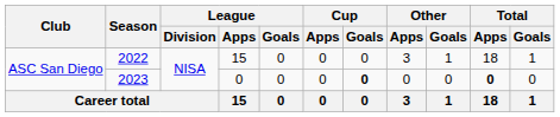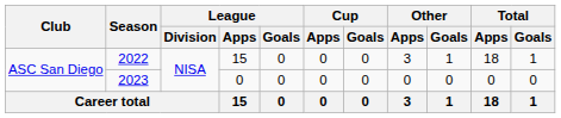 <table class=wikitable style=text-align:center>
 <tr>
 <th rowspan="2">Club</th>
 <th rowspan="2">Season</th>
 <th colspan="3">League</th>
 <th colspan="2">Cup</th>
 <th colspan="2">Other</th>
 <th colspan="2">Total</th>
 </tr>
 <tr>
 <th>Division</th>
 <th>Apps</th>
 <th>Goals</th>
 <th>Apps</th>
 <th>Goals</th>
 <th>Apps</th>
 <th>Goals</th>
 <th>Apps</th>
 <th>Goals</th>
 </tr>
 <tr>
 <td rowspan="2"><a href='#'>ASC San Diego</a></td>
 <td><a href='#'>2022</a></td>
 <td rowspan="2"><a href='#'>NISA</a></td>
 <td>15</td>
 <td>0</td>
 <td>0</td>
 <td>0</td>
 <td>3</td>
 <td>1</td>
 <td>18</td>
 <td>1</td>
 </tr>
 <tr>
 <td><a href='#'>2023</a></td>
 <td>0</td>
 <td>0</td>
 <td>0</td>
-<td><strong>0</strong></td>
 <td>0</td>
 <td>0</td>
-<td><strong>0</strong></td>
+<td>0</td>
+<td>0</td>
 <td>0</td>
 </tr>
 <tr>
 <th colspan="3">Career total</th>
 <th>15</th>
 <th>0</th>
 <th>0</th>
 <th>0</th>
 <th>3</th>
 <th>1</th>
 <th>18</th>
 <th>1</th>
 </tr>
 </table>
